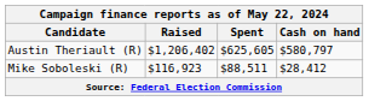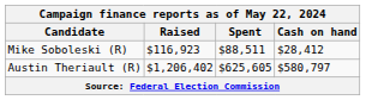 <table class="wikitable sortable">
 <tr>
 <th colspan=4>Campaign finance reports as of May 22, 2024</th>
 </tr>
 <tr style="text-align:center;">
 <th>Candidate</th>
 <th>Raised</th>
 <th>Spent</th>
 <th>Cash on hand</th>
 </tr>
 <tr>
+<td>Mike Soboleski (R)</td>
+<td>$116,923</td>
+<td>$88,511</td>
+<td>$28,412</td>
+</tr>
+<tr>
 <td>Austin Theriault (R)</td>
 <td>$1,206,402</td>
 <td>$625,605</td>
 <td>$580,797</td>
 </tr>
 <tr>
-<td>Mike Soboleski (R)</td>
-<td>$116,923</td>
-<td>$88,511</td>
-<td>$28,412</td>
-</tr>
-<tr>
 <th colspan="4"><small>Source: <a href='#'>Federal Election Commission</a></small></th>
 </tr>
 </table>
